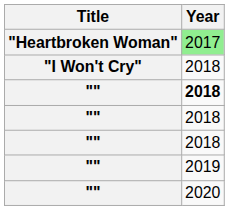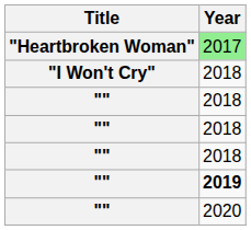 <table class="wikitable plainrowheaders">
 <tr>
 <th>Title</th>
 <th>Year</th>
 </tr>
 <tr>
 <th scope="row">"Heartbroken Woman"</th>
 <td style="background: lightgreen;">2017</td>
 </tr>
 <tr>
 <th scope="row">"I Won't Cry"</th>
 <td>2018</td>
 </tr>
 <tr>
 <th scope="row">"" </th>
-<td><strong>2018</strong></td>
+<td>2018</td>
 </tr>
 <tr>
 <th scope="row">"" </th>
 <td>2018</td>
 </tr>
 <tr>
 <th scope="row">"" </th>
 <td>2018</td>
 </tr>
 <tr>
 <th scope="row">"" </th>
-<td>2019</td>
+<td><strong>2019</strong></td>
 </tr>
 <tr>
 <th scope="row">"" </th>
 <td>2020</td>
 </tr>
 </table>
